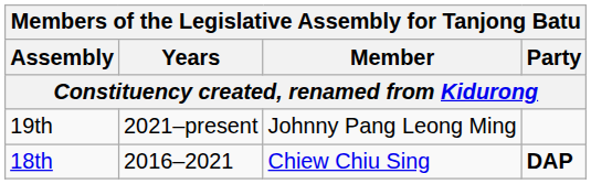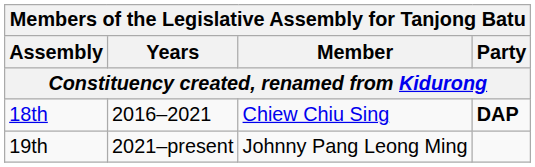 <table class=wikitable>
 <tr>
 <th colspan="4">Members of the Legislative Assembly for Tanjong Batu</th>
 </tr>
 <tr>
 <th>Assembly</th>
 <th>Years</th>
 <th>Member</th>
 <th>Party</th>
 </tr>
 <tr>
 <th colspan=4 align=center><em>Constituency created, renamed from <a href='#'>Kidurong</a></em></th>
 </tr>
 <tr>
+<td><a href='#'>18th</a></td>
+<td>2016–2021</td>
+<td><a href='#'>Chiew Chiu Sing</a></td>
+<td><strong>DAP</strong></td>
+</tr>
+<tr>
 <td>19th</td>
 <td>2021–present</td>
 <td>Johnny Pang Leong Ming</td>
 <td></td>
 </tr>
-<tr>
-<td><a href='#'>18th</a></td>
-<td>2016–2021</td>
-<td><a href='#'>Chiew Chiu Sing</a></td>
-<td><strong>DAP</strong></td>
-</tr>
 </table>
